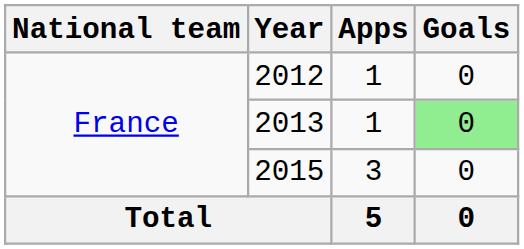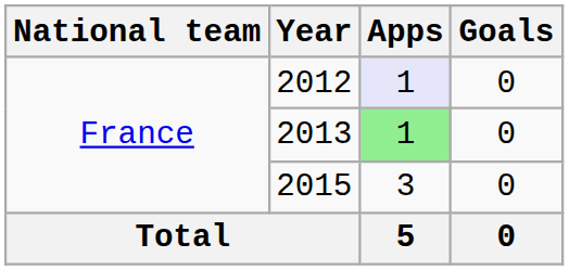 <table class="wikitable" style="text-align:center">
 <tr>
 <th>National team</th>
 <th>Year</th>
 <th>Apps</th>
 <th>Goals</th>
 </tr>
 <tr>
 <td rowspan="3"><a href='#'>France</a></td>
 <td>2012</td>
-<td>1</td>
+<td style="background: lavender;">1</td>
 <td>0</td>
 </tr>
 <tr>
 <td>2013</td>
-<td>1</td>
-<td style="background: lightgreen;">0</td>
+<td style="background: lightgreen;">1</td>
+<td>0</td>
 </tr>
 <tr>
 <td>2015</td>
 <td>3</td>
 <td>0</td>
 </tr>
 <tr>
 <th colspan=2>Total</th>
 <th>5</th>
 <th>0</th>
 </tr>
 </table>
